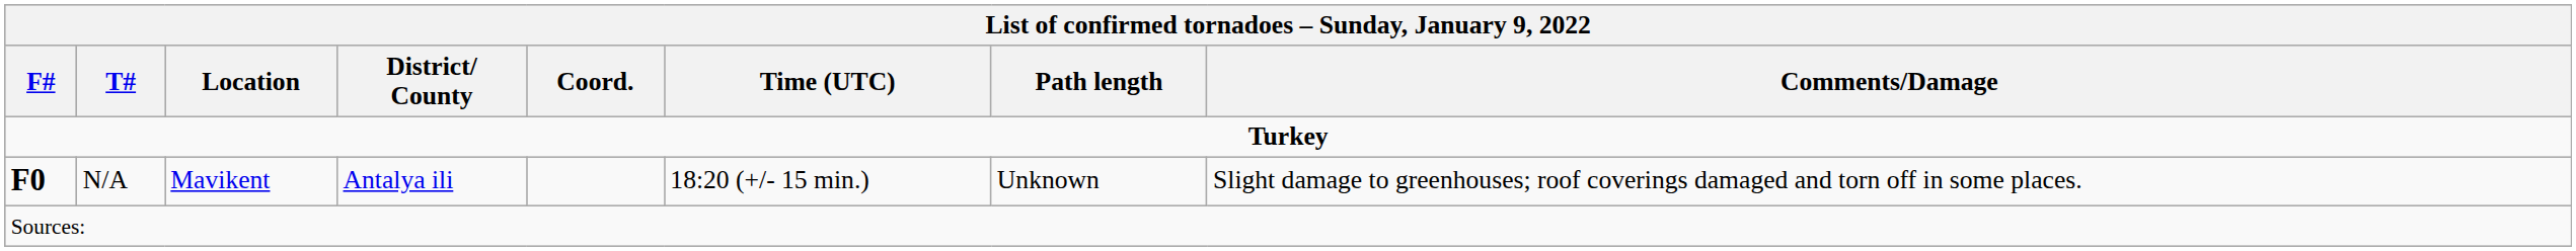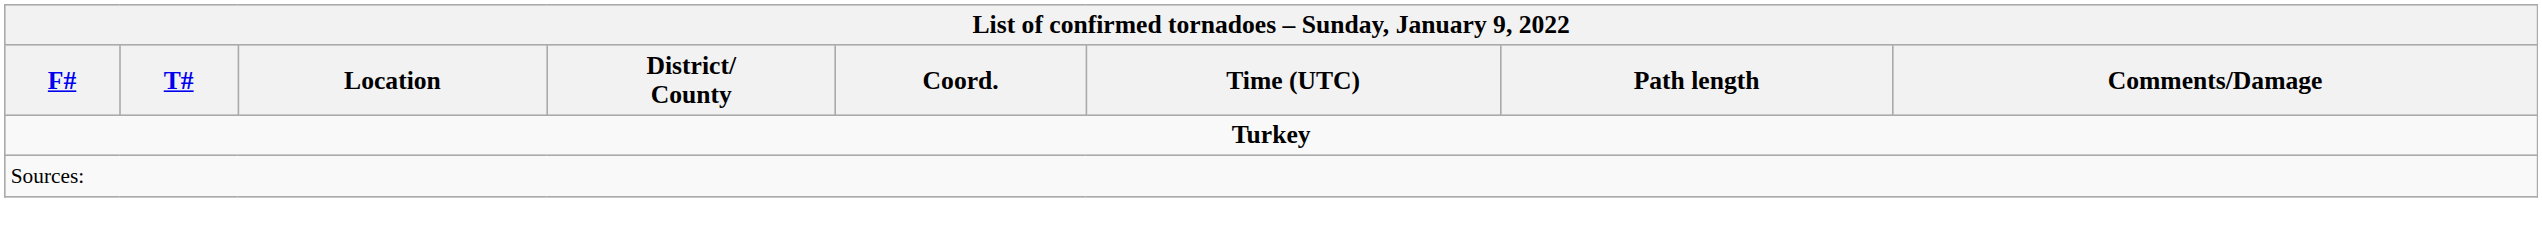 <table class="wikitable collapsible" width="100%">
 <tr>
 <th colspan="8">List of confirmed tornadoes – Sunday, January 9, 2022</th>
 </tr>
 <tr>
 <th><a href='#'>F#</a></th>
 <th><a href='#'>T#</a></th>
 <th>Location</th>
 <th>District/<br>County</th>
 <th>Coord.</th>
 <th>Time (UTC)</th>
 <th>Path length</th>
 <th>Comments/Damage</th>
 </tr>
 <tr>
 <td colspan="8" align=center><strong>Turkey</strong></td>
 </tr>
 <tr>
-<td><big><strong>F0</strong></big></td>
-<td>N/A</td>
-<td><a href='#'>Mavikent</a></td>
-<td><a href='#'>Antalya ili</a></td>
-<td></td>
-<td>18:20 (+/- 15 min.)</td>
-<td>Unknown</td>
-<td>Slight damage to greenhouses; roof coverings damaged and torn off in some places.</td>
-</tr>
-<tr>
 <td colspan="8"><small>Sources:  </small></td>
 </tr>
 </table>
